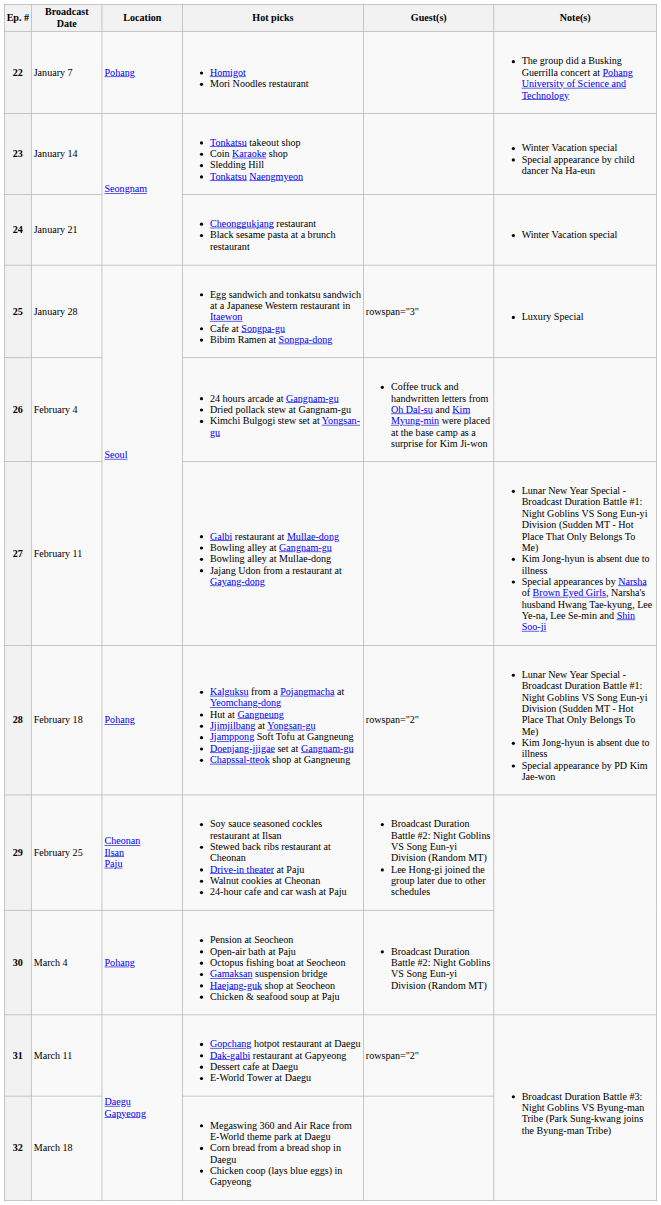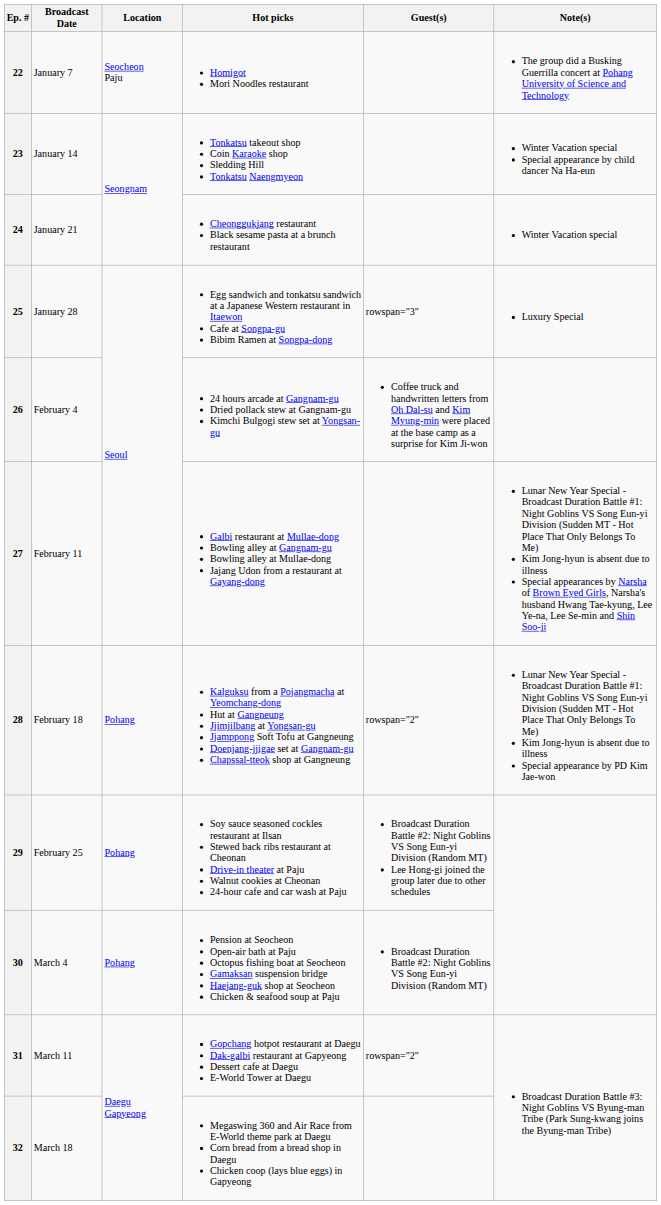 <table class="wikitable">
 <tr>
 <th width=5>Ep. #</th>
 <th width=105>Broadcast Date</th>
 <th width=120>Location</th>
 <th width=280>Hot picks</th>
 <th width=200>Guest(s)</th>
 <th width=250>Note(s)</th>
 </tr>
 <tr style="text-align:left;">
 <th>22</th>
 <td>January 7</td>
-<td><a href='#'>Pohang</a></td>
+<td><a href='#'>Seocheon</a><br>Paju</td>
 <td><br><ul><li><a href='#'>Homigot</a></li><li>Mori Noodles restaurant</li></ul></td>
 <td></td>
 <td><br><ul><li>The group did a Busking Guerrilla concert at <a href='#'>Pohang University of Science and Technology</a></li></ul></td>
 </tr>
 <tr style="text-align:left;">
 <th>23</th>
 <td>January 14</td>
 <td rowspan="2"><a href='#'>Seongnam</a></td>
 <td><br><ul><li><a href='#'>Tonkatsu</a> takeout shop</li><li>Coin <a href='#'>Karaoke</a> shop</li><li>Sledding Hill</li><li><a href='#'>Tonkatsu</a> <a href='#'>Naengmyeon</a></li></ul></td>
 <td></td>
 <td><br><ul><li>Winter Vacation special</li><li>Special appearance by child dancer Na Ha-eun</li></ul></td>
 </tr>
 <tr style="text-align:left;">
 <th>24</th>
 <td>January 21</td>
 <td><br><ul><li><a href='#'>Cheonggukjang</a> restaurant</li><li>Black sesame pasta at a brunch restaurant</li></ul></td>
 <td></td>
 <td><br><ul><li>Winter Vacation special</li></ul></td>
 </tr>
 <tr style="text-align:left;">
 <th>25</th>
 <td>January 28</td>
 <td rowspan="3"><a href='#'>Seoul</a></td>
 <td><br><ul><li>Egg sandwich and tonkatsu sandwich at a Japanese Western restaurant in <a href='#'>Itaewon</a></li><li>Cafe at <a href='#'>Songpa-gu</a></li><li>Bibim Ramen at <a href='#'>Songpa-dong</a></li></ul></td>
 <td>rowspan="3" </td>
 <td><br><ul><li>Luxury Special</li></ul></td>
 </tr>
 <tr style="text-align:left;">
 <th>26</th>
 <td>February 4</td>
 <td><br><ul><li>24 hours arcade at <a href='#'>Gangnam-gu</a></li><li>Dried pollack stew at Gangnam-gu</li><li>Kimchi Bulgogi stew set at <a href='#'>Yongsan-gu</a></li></ul></td>
 <td><br><ul><li>Coffee truck and handwritten letters from <a href='#'>Oh Dal-su</a> and <a href='#'>Kim Myung-min</a> were placed at the base camp as a surprise for Kim Ji-won</li></ul></td>
 </tr>
 <tr style="text-align:left;">
 <th>27</th>
 <td>February 11</td>
 <td><br><ul><li><a href='#'>Galbi</a> restaurant at <a href='#'>Mullae-dong</a></li><li>Bowling alley at <a href='#'>Gangnam-gu</a></li><li>Bowling alley at Mullae-dong</li><li>Jajang Udon from a restaurant at <a href='#'>Gayang-dong</a></li></ul></td>
 <td></td>
 <td><br><ul><li>Lunar New Year Special - Broadcast Duration Battle #1: Night Goblins VS Song Eun-yi Division (Sudden MT - Hot Place That Only Belongs To Me)</li><li>Kim Jong-hyun is absent due to illness</li><li>Special appearances by <a href='#'>Narsha</a> of <a href='#'>Brown Eyed Girls</a>, Narsha's husband Hwang Tae-kyung, Lee Ye-na, Lee Se-min and <a href='#'>Shin Soo-ji</a></li></ul></td>
 </tr>
 <tr style="text-align:left;">
 <th>28</th>
 <td>February 18</td>
 <td><a href='#'>Pohang</a></td>
 <td><br><ul><li><a href='#'>Kalguksu</a> from a <a href='#'>Pojangmacha</a> at <a href='#'>Yeomchang-dong</a></li><li>Hut at <a href='#'>Gangneung</a></li><li><a href='#'>Jjimjilbang</a> at <a href='#'>Yongsan-gu</a></li><li><a href='#'>Jjamppong</a> Soft Tofu at Gangneung</li><li><a href='#'>Doenjang-jjigae</a> set at <a href='#'>Gangnam-gu</a></li><li><a href='#'>Chapssal-tteok</a> shop at Gangneung</li></ul></td>
 <td>rowspan="2" </td>
 <td><br><ul><li>Lunar New Year Special - Broadcast Duration Battle #1: Night Goblins VS Song Eun-yi Division (Sudden MT - Hot Place That Only Belongs To Me)</li><li>Kim Jong-hyun is absent due to illness</li><li>Special appearance by PD Kim Jae-won</li></ul></td>
 </tr>
 <tr style="text-align:left;">
 <th>29</th>
 <td>February 25</td>
-<td><a href='#'>Cheonan</a><br><a href='#'>Ilsan</a><br><a href='#'>Paju</a></td>
+<td><a href='#'>Pohang</a></td>
 <td><br><ul><li>Soy sauce seasoned cockles restaurant at Ilsan</li><li>Stewed back ribs restaurant at Cheonan</li><li><a href='#'>Drive-in theater</a> at Paju</li><li>Walnut cookies at Cheonan</li><li>24-hour cafe and car wash at Paju</li></ul></td>
 <td><br><ul><li>Broadcast Duration Battle #2: Night Goblins VS Song Eun-yi Division (Random MT)</li><li>Lee Hong-gi joined the group later due to other schedules</li></ul></td>
 </tr>
 <tr style="text-align:left;">
 <th>30</th>
 <td>March 4</td>
 <td><a href='#'>Pohang</a></td>
 <td><br><ul><li>Pension at Seocheon</li><li>Open-air bath at Paju</li><li>Octopus fishing boat at Seocheon</li><li><a href='#'>Gamaksan</a> suspension bridge</li><li><a href='#'>Haejang-guk</a> shop at Seocheon</li><li>Chicken & seafood soup at Paju</li></ul></td>
 <td><br><ul><li>Broadcast Duration Battle #2: Night Goblins VS Song Eun-yi Division (Random MT)</li></ul></td>
 </tr>
 <tr style="text-align:left;">
 <th>31</th>
 <td>March 11</td>
 <td rowspan="2"><a href='#'>Daegu</a><br><a href='#'>Gapyeong</a></td>
 <td><br><ul><li><a href='#'>Gopchang</a> hotpot restaurant at Daegu</li><li><a href='#'>Dak-galbi</a> restaurant at Gapyeong</li><li>Dessert cafe at Daegu</li><li>E-World Tower at Daegu</li></ul></td>
 <td>rowspan="2" </td>
 <td rowspan="2"><br><ul><li>Broadcast Duration Battle #3: Night Goblins VS Byung-man Tribe (Park Sung-kwang joins the Byung-man Tribe)</li></ul></td>
 </tr>
 <tr style="text-align:left;">
 <th>32</th>
 <td>March 18</td>
 <td><br><ul><li>Megaswing 360 and Air Race from E-World theme park at Daegu</li><li>Corn bread from a bread shop in Daegu</li><li>Chicken coop (lays blue eggs) in Gapyeong</li></ul></td>
 </tr>
 </table>
